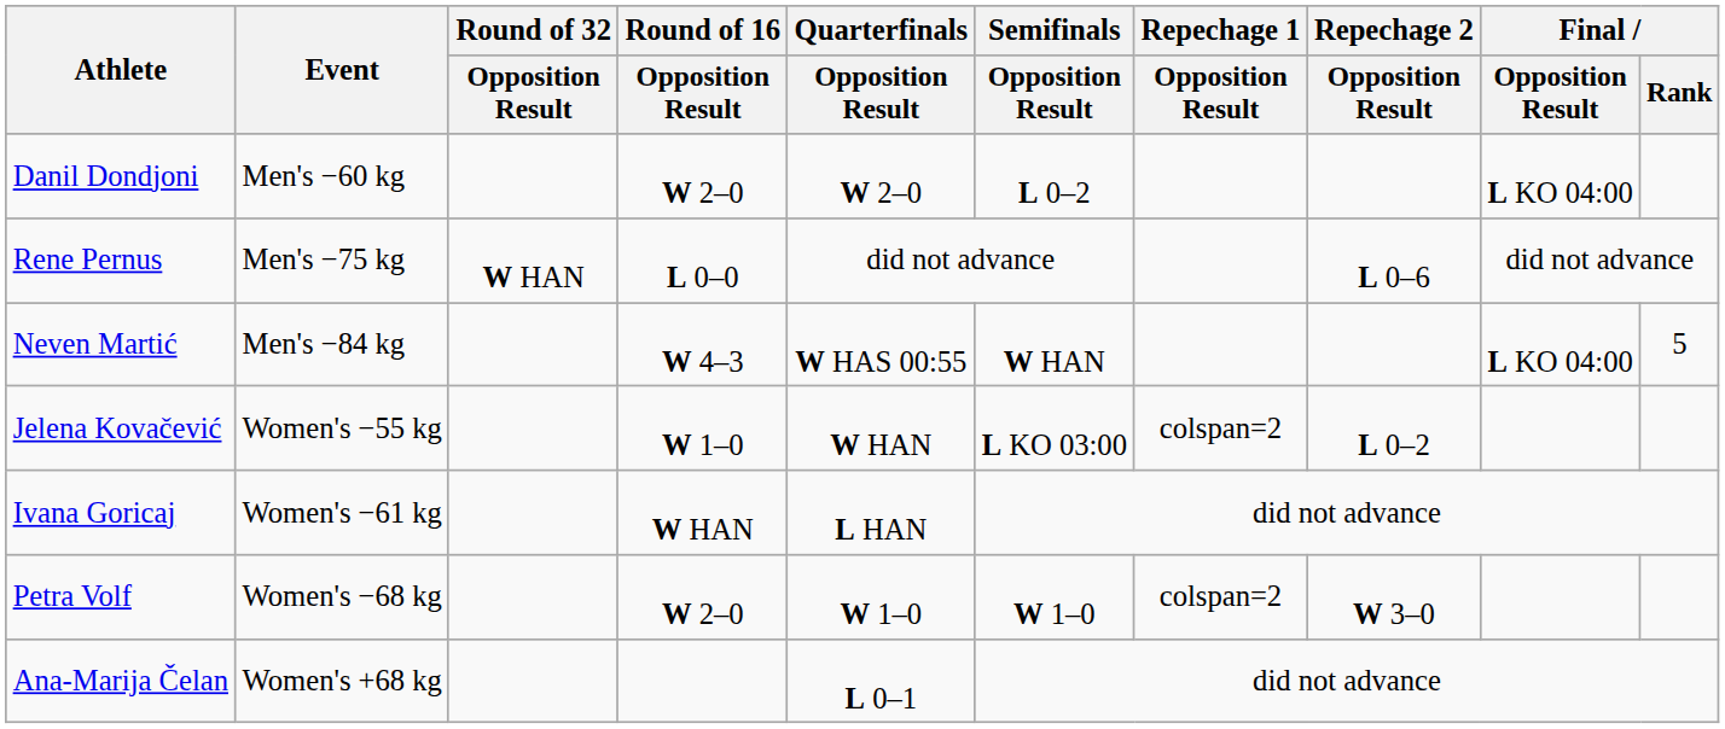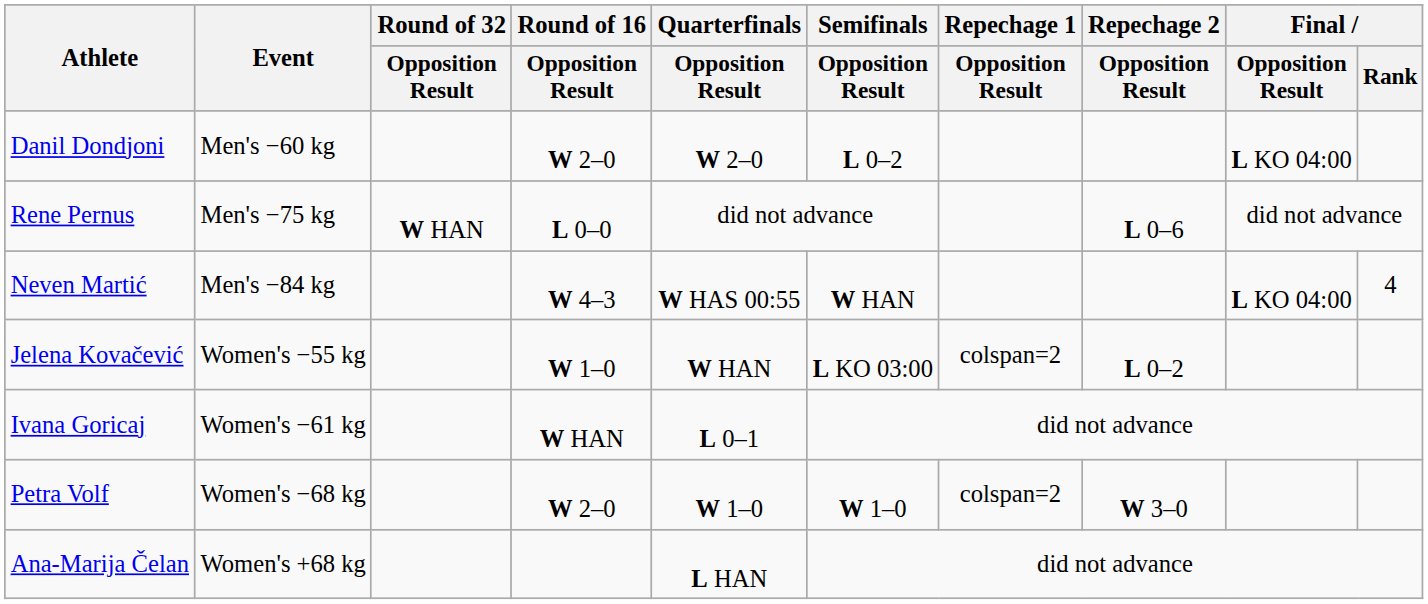 <table class="wikitable" style="font-size:90%">
 <tr>
 <th rowspan="2">Athlete</th>
 <th rowspan="2">Event</th>
 <th>Round of 32</th>
 <th>Round of 16</th>
 <th>Quarterfinals</th>
 <th>Semifinals</th>
 <th>Repechage 1</th>
 <th>Repechage 2</th>
 <th colspan=2>Final / </th>
 </tr>
 <tr style="font-size:95%">
 <th>Opposition<br>Result</th>
 <th>Opposition<br>Result</th>
 <th>Opposition<br>Result</th>
 <th>Opposition<br>Result</th>
 <th>Opposition<br>Result</th>
 <th>Opposition<br>Result</th>
 <th>Opposition<br>Result</th>
 <th>Rank</th>
 </tr>
 <tr align=center>
 <td align=left><a href='#'>Danil Dondjoni</a></td>
 <td align=left>Men's −60 kg</td>
 <td></td>
 <td><br><strong>W</strong> 2–0</td>
 <td><br><strong>W</strong> 2–0</td>
 <td><br><strong>L</strong> 0–2</td>
 <td></td>
 <td></td>
 <td><br><strong>L</strong> KO 04:00</td>
 <td></td>
 </tr>
 <tr align=center>
 <td align=left><a href='#'>Rene Pernus</a></td>
 <td align=left>Men's −75 kg</td>
 <td><br><strong>W</strong> HAN</td>
 <td><br><strong>L</strong> 0–0</td>
 <td colspan=2>did not advance</td>
 <td></td>
 <td><br><strong>L</strong> 0–6</td>
 <td colspan=2>did not advance</td>
 </tr>
 <tr align=center>
 <td align=left><a href='#'>Neven Martić</a></td>
 <td align=left>Men's −84 kg</td>
 <td></td>
 <td><br><strong>W</strong> 4–3</td>
 <td><br><strong>W</strong> HAS 00:55</td>
 <td><br><strong>W</strong> HAN</td>
 <td></td>
 <td></td>
 <td><br><strong>L</strong> KO 04:00</td>
-<td>5</td>
+<td>4</td>
 </tr>
 <tr align=center>
 <td align=left><a href='#'>Jelena Kovačević</a></td>
 <td align=left>Women's −55 kg</td>
 <td></td>
 <td><br><strong>W</strong> 1–0</td>
 <td><br><strong>W</strong> HAN</td>
 <td><br><strong>L</strong> KO 03:00</td>
 <td>colspan=2 </td>
 <td><br><strong>L</strong> 0–2</td>
 <td></td>
 </tr>
 <tr align=center>
 <td align=left><a href='#'>Ivana Goricaj</a></td>
 <td align=left>Women's −61 kg</td>
 <td></td>
 <td><br><strong>W</strong> HAN</td>
-<td><br><strong>L</strong> HAN</td>
+<td><br><strong>L</strong> 0–1</td>
 <td colspan=5>did not advance</td>
 </tr>
 <tr align=center>
 <td align=left><a href='#'>Petra Volf</a></td>
 <td align=left>Women's −68 kg</td>
 <td></td>
 <td><br><strong>W</strong> 2–0</td>
 <td><br><strong>W</strong> 1–0</td>
 <td><br><strong>W</strong> 1–0</td>
 <td>colspan=2 </td>
 <td><br><strong>W</strong> 3–0</td>
 <td></td>
 </tr>
 <tr align=center>
 <td align=left><a href='#'>Ana-Marija Čelan</a></td>
 <td align=left>Women's +68 kg</td>
 <td></td>
 <td></td>
-<td><br><strong>L</strong> 0–1</td>
+<td><br><strong>L</strong> HAN</td>
 <td colspan=5>did not advance</td>
 </tr>
 </table>
